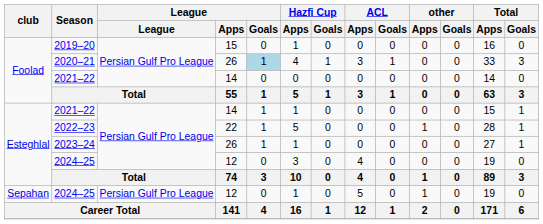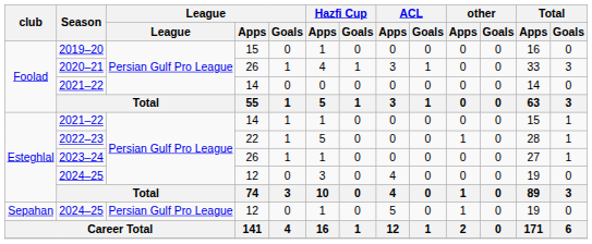 <table class="wikitable"style="text-align:center;">
 <tr>
 <th rowspan=2>club</th>
 <th rowspan=2>Season</th>
 <th colspan=3>League</th>
 <th colspan="2"><a href='#'>Hazfi Cup</a></th>
 <th colspan="2"><a href='#'>ACL</a></th>
 <th colspan="2">other</th>
 <th colspan="2">Total</th>
 </tr>
 <tr>
 <th>League</th>
 <th>Apps</th>
 <th>Goals</th>
 <th>Apps</th>
 <th>Goals</th>
 <th>Apps</th>
 <th>Goals</th>
 <th>Apps</th>
 <th>Goals</th>
 <th>Apps</th>
 <th>Goals</th>
 </tr>
 <tr>
 <td rowspan="4"><a href='#'>Foolad</a></td>
 <td><a href='#'>2019–20</a></td>
 <td rowspan="3"><a href='#'>Persian Gulf Pro League</a></td>
 <td>15</td>
 <td>0</td>
 <td>1</td>
 <td>0</td>
 <td>0</td>
 <td>0</td>
 <td>0</td>
 <td>0</td>
 <td>16</td>
 <td>0</td>
 </tr>
 <tr>
 <td><a href='#'>2020–21</a></td>
 <td>26</td>
-<td style="background: lightblue;">1</td>
+<td>1</td>
 <td>4</td>
 <td>1</td>
 <td>3</td>
 <td>1</td>
 <td>0</td>
 <td>0</td>
 <td>33</td>
 <td>3</td>
 </tr>
 <tr>
 <td><a href='#'>2021–22</a></td>
 <td>14</td>
 <td>0</td>
 <td>0</td>
 <td>0</td>
 <td>0</td>
 <td>0</td>
 <td>0</td>
 <td>0</td>
 <td>14</td>
 <td>0</td>
 </tr>
 <tr>
 <th colspan="2">Total</th>
 <th>55</th>
 <th>1</th>
 <th>5</th>
 <th>1</th>
 <th>3</th>
 <th>1</th>
 <th>0</th>
 <th>0</th>
 <th>63</th>
 <th>3</th>
 </tr>
 <tr>
 <td rowspan="5"><a href='#'>Esteghlal</a></td>
 <td><a href='#'>2021–22</a></td>
 <td rowspan="4"><a href='#'>Persian Gulf Pro League</a></td>
 <td>14</td>
 <td>1</td>
 <td>1</td>
 <td>0</td>
 <td>0</td>
 <td>0</td>
 <td>0</td>
 <td>0</td>
 <td>15</td>
 <td>1</td>
 </tr>
 <tr>
 <td><a href='#'>2022–23</a></td>
 <td>22</td>
 <td>1</td>
 <td>5</td>
 <td>0</td>
 <td>0</td>
 <td>0</td>
 <td>1</td>
 <td>0</td>
 <td>28</td>
 <td>1</td>
 </tr>
 <tr>
 <td><a href='#'>2023–24</a></td>
 <td>26</td>
 <td>1</td>
 <td>1</td>
 <td>0</td>
 <td>0</td>
 <td>0</td>
 <td>0</td>
 <td>0</td>
 <td>27</td>
 <td>1</td>
 </tr>
 <tr>
 <td><a href='#'>2024–25</a></td>
 <td>12</td>
 <td>0</td>
 <td>3</td>
 <td>0</td>
 <td>4</td>
 <td>0</td>
 <td>0</td>
 <td>0</td>
 <td>19</td>
 <td>0</td>
 </tr>
 <tr>
 <th colspan="2">Total</th>
 <th>74</th>
 <th>3</th>
 <th>10</th>
 <th>0</th>
 <th>4</th>
 <th>0</th>
 <th>1</th>
 <th>0</th>
 <th>89</th>
 <th>3</th>
 </tr>
 <tr>
 <td><a href='#'>Sepahan</a></td>
 <td><a href='#'>2024–25</a></td>
 <td><a href='#'>Persian Gulf Pro League</a></td>
 <td>12</td>
 <td>0</td>
 <td>1</td>
 <td>0</td>
 <td>5</td>
 <td>0</td>
 <td>1</td>
 <td>0</td>
 <td>19</td>
 <td>0</td>
 </tr>
 <tr>
 <th colspan="3">Career Total</th>
 <th>141</th>
 <th>4</th>
 <th>16</th>
 <th>1</th>
 <th>12</th>
 <th>1</th>
 <th>2</th>
 <th>0</th>
 <th>171</th>
 <th>6</th>
 </tr>
 <tr>
 </tr>
 </table>
